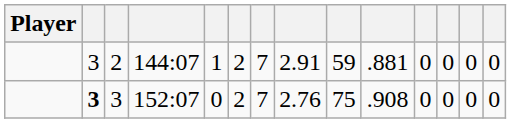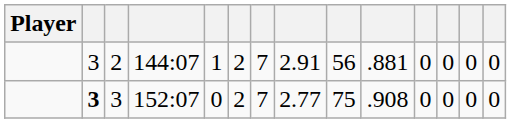 <table class="wikitable sortable" style="text-align:center;">
 <tr>
 <th>Player</th>
 <th></th>
 <th></th>
 <th></th>
 <th></th>
 <th></th>
 <th></th>
 <th></th>
 <th></th>
 <th></th>
 <th></th>
 <th></th>
 <th></th>
 <th></th>
 </tr>
 <tr>
 <td></td>
 <td>3</td>
 <td>2</td>
 <td>144:07</td>
 <td>1</td>
 <td>2</td>
 <td>7</td>
 <td>2.91</td>
-<td>59</td>
+<td>56</td>
 <td>.881</td>
 <td>0</td>
 <td>0</td>
 <td>0</td>
 <td>0</td>
 </tr>
 <tr>
 <td></td>
 <td><strong>3</strong></td>
 <td>3</td>
 <td>152:07</td>
 <td>0</td>
 <td>2</td>
 <td>7</td>
-<td>2.76</td>
+<td>2.77</td>
 <td>75</td>
 <td>.908</td>
 <td>0</td>
 <td>0</td>
 <td>0</td>
 <td>0</td>
 </tr>
 </table>
